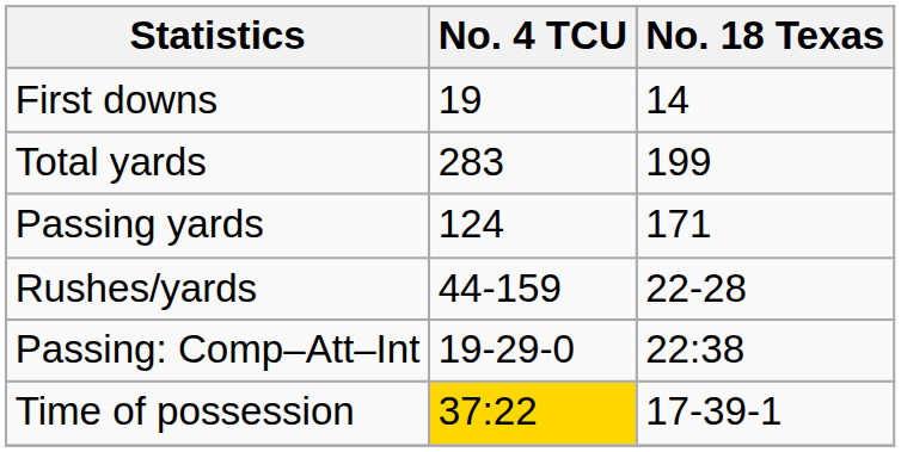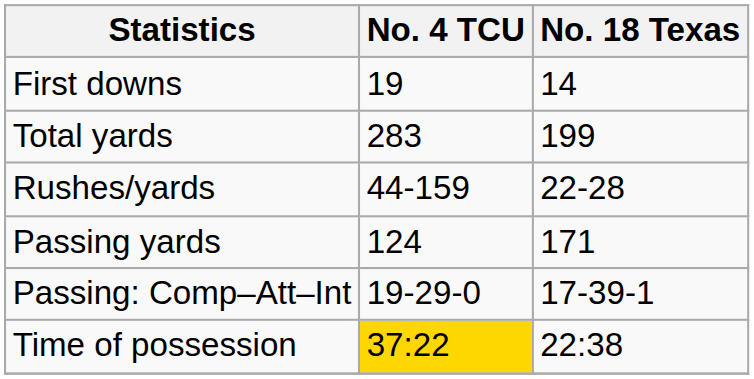 <table class="wikitable" style="float: left;">
 <tr>
 <th>Statistics</th>
 <th>No. 4 TCU</th>
 <th>No. 18 Texas</th>
 </tr>
 <tr>
 <td>First downs</td>
 <td>19</td>
 <td>14</td>
 </tr>
 <tr>
 <td>Total yards</td>
 <td>283</td>
 <td>199</td>
 </tr>
 <tr>
+<td>Rushes/yards</td>
+<td>44-159</td>
+<td>22-28</td>
+</tr>
+<tr>
 <td>Passing yards</td>
 <td>124</td>
 <td>171</td>
 </tr>
 <tr>
-<td>Rushes/yards</td>
-<td>44-159</td>
-<td>22-28</td>
-</tr>
-<tr>
 <td>Passing: Comp–Att–Int</td>
 <td>19-29-0</td>
-<td>22:38</td>
+<td>17-39-1</td>
 </tr>
 <tr>
 <td>Time of possession</td>
 <td style="background: gold;">37:22</td>
-<td>17-39-1</td>
+<td>22:38</td>
 </tr>
 <tr>
 </tr>
 </table>
